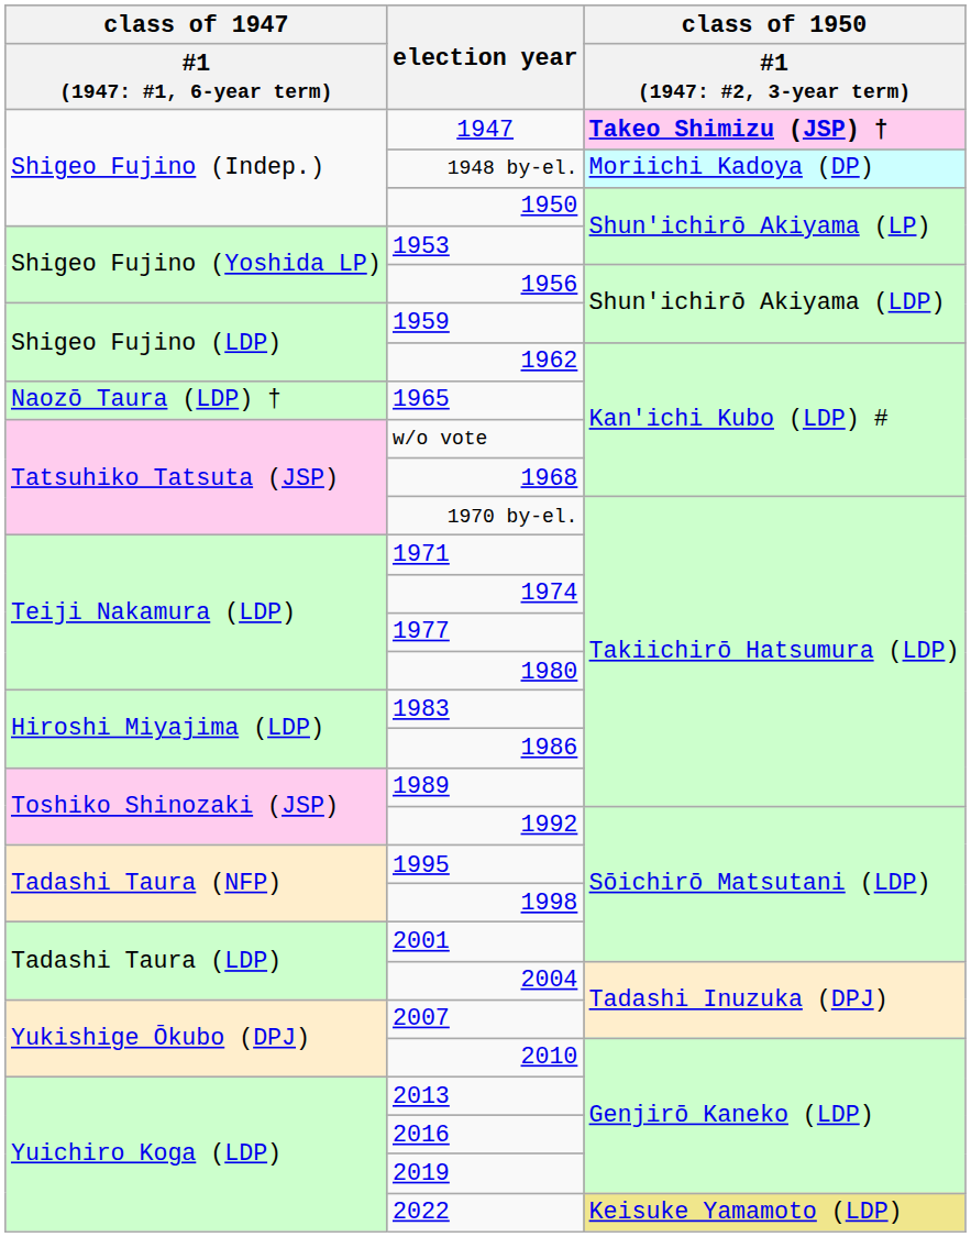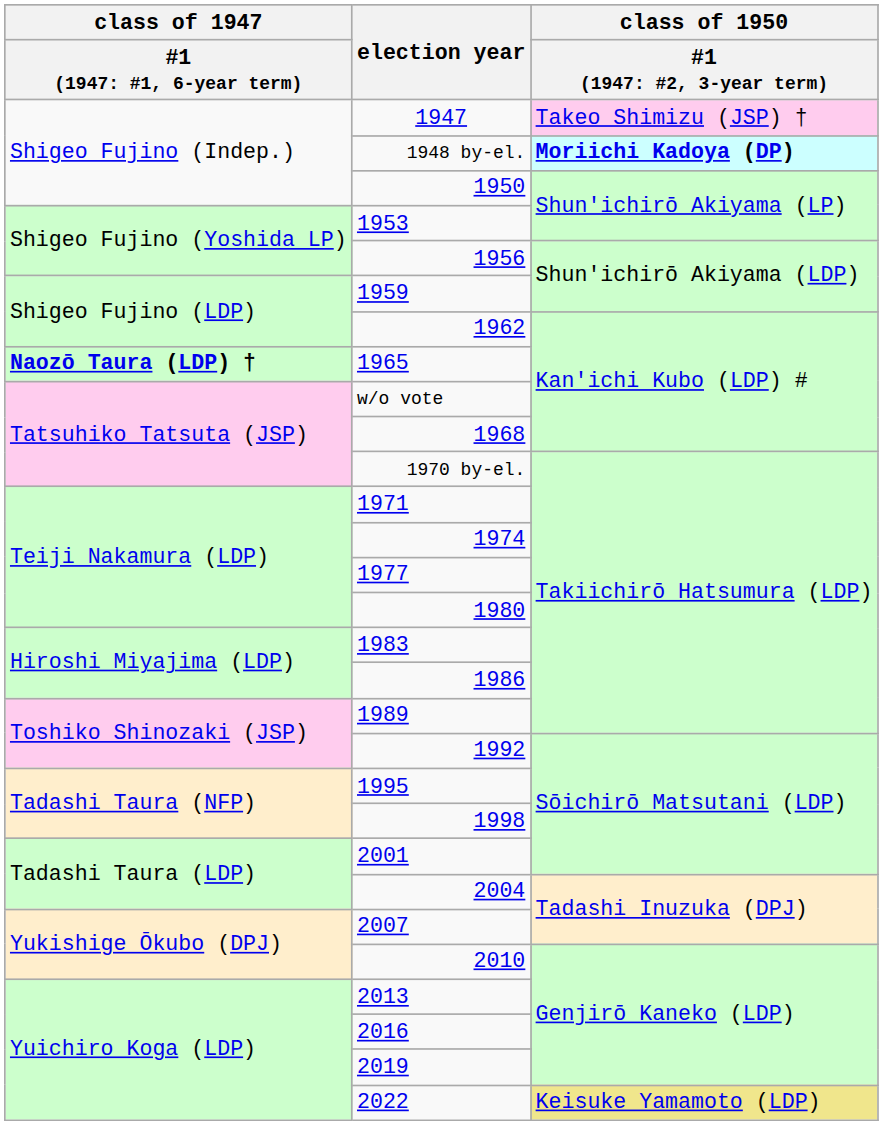 <table class="wikitable" border="1">
 <tr>
 <th>class of 1947</th>
 <th rowspan="2">election year</th>
 <th>class of 1950</th>
 </tr>
 <tr>
 <th>#1<br><small>(1947: #1, 6-year term)</small></th>
 <th>#1<br><small>(1947: #2, 3-year term)</small></th>
 </tr>
 <tr>
 <td rowspan="3"><a href='#'>Shigeo Fujino</a> (Indep.)</td>
 <td align="center"><a href='#'>1947</a></td>
-<td bgcolor="#FFCCEE"><strong><a href='#'>Takeo Shimizu</a> (<a href='#'>JSP</a>) †</strong></td>
+<td bgcolor="#FFCCEE"><a href='#'>Takeo Shimizu</a> (<a href='#'>JSP</a>) †</td>
 </tr>
 <tr>
 <td align="right"><small>1948 by-el.</small></td>
-<td bgcolor="#CCFFFF"><a href='#'>Moriichi Kadoya</a> (<a href='#'>DP</a>)</td>
+<td bgcolor="#CCFFFF"><strong><a href='#'>Moriichi Kadoya</a> (<a href='#'>DP</a>)</strong></td>
 </tr>
 <tr>
 <td align="right"><a href='#'>1950</a></td>
 <td rowspan="2" bgcolor="#CCFFCC"><a href='#'>Shun'ichirō Akiyama</a> (<a href='#'>LP</a>)</td>
 </tr>
 <tr>
 <td rowspan="2" bgcolor="#CCFFCC">Shigeo Fujino (<a href='#'>Yoshida LP</a>)</td>
 <td align="left"><a href='#'>1953</a></td>
 </tr>
 <tr>
 <td align="right"><a href='#'>1956</a></td>
 <td rowspan="2" bgcolor="#CCFFCC">Shun'ichirō Akiyama (<a href='#'>LDP</a>)</td>
 </tr>
 <tr>
 <td rowspan="2" bgcolor="#CCFFCC">Shigeo Fujino (<a href='#'>LDP</a>)</td>
 <td align="left"><a href='#'>1959</a></td>
 </tr>
 <tr>
 <td align="right"><a href='#'>1962</a></td>
 <td rowspan="4" bgcolor="#CCFFCC"><a href='#'>Kan'ichi Kubo</a> (<a href='#'>LDP</a>) #</td>
 </tr>
 <tr>
-<td bgcolor="#CCFFCC"><a href='#'>Naozō Taura</a> (<a href='#'>LDP</a>) †</td>
+<td bgcolor="#CCFFCC"><strong><a href='#'>Naozō Taura</a> (<a href='#'>LDP</a>) †</strong></td>
 <td align="left"><a href='#'>1965</a></td>
 </tr>
 <tr>
 <td rowspan="3" bgcolor="#FFCCEE"><a href='#'>Tatsuhiko Tatsuta</a> (<a href='#'>JSP</a>)</td>
 <td align="left"><small>w/o vote</small></td>
 </tr>
 <tr>
 <td align="right"><a href='#'>1968</a></td>
 </tr>
 <tr>
 <td align="right"><small>1970 by-el.</small></td>
 <td rowspan="8" bgcolor="#CCFFCC"><a href='#'>Takiichirō Hatsumura</a> (<a href='#'>LDP</a>)</td>
 </tr>
 <tr>
 <td rowspan="4" bgcolor="#CCFFCC"><a href='#'>Teiji Nakamura</a> (<a href='#'>LDP</a>)</td>
 <td align="left"><a href='#'>1971</a></td>
 </tr>
 <tr>
 <td align="right"><a href='#'>1974</a></td>
 </tr>
 <tr>
 <td align="left"><a href='#'>1977</a></td>
 </tr>
 <tr>
 <td align="right"><a href='#'>1980</a></td>
 </tr>
 <tr>
 <td rowspan="2" bgcolor="#CCFFCC"><a href='#'>Hiroshi Miyajima</a> (<a href='#'>LDP</a>)</td>
 <td align="left"><a href='#'>1983</a></td>
 </tr>
 <tr>
 <td align="right"><a href='#'>1986</a></td>
 </tr>
 <tr>
 <td rowspan="2" bgcolor="#FFCCEE"><a href='#'>Toshiko Shinozaki</a> (<a href='#'>JSP</a>)</td>
 <td align="left"><a href='#'>1989</a></td>
 </tr>
 <tr>
 <td align="right"><a href='#'>1992</a></td>
 <td rowspan="4"  bgcolor="#CCFFCC"><a href='#'>Sōichirō Matsutani</a> (<a href='#'>LDP</a>)</td>
 </tr>
 <tr>
 <td rowspan="2" bgcolor="#FFEECC"><a href='#'>Tadashi Taura</a> (<a href='#'>NFP</a>)</td>
 <td align="left"><a href='#'>1995</a></td>
 </tr>
 <tr>
 <td align="right"><a href='#'>1998</a></td>
 </tr>
 <tr>
 <td rowspan="2"  bgcolor="#CCFFCC">Tadashi Taura (<a href='#'>LDP</a>)</td>
 <td align="left"><a href='#'>2001</a></td>
 </tr>
 <tr>
 <td align="right"><a href='#'>2004</a></td>
 <td rowspan="2" bgcolor="#FFEECC"><a href='#'>Tadashi Inuzuka</a> (<a href='#'>DPJ</a>)</td>
 </tr>
 <tr>
 <td rowspan="2" bgcolor="#FFEECC"><a href='#'>Yukishige Ōkubo</a> (<a href='#'>DPJ</a>)</td>
 <td align="left"><a href='#'>2007</a></td>
 </tr>
 <tr>
 <td align="right"><a href='#'>2010</a></td>
 <td rowspan="4" bgcolor="#CCFFCC"><a href='#'>Genjirō Kaneko</a> (<a href='#'>LDP</a>)</td>
 </tr>
 <tr>
 <td rowspan="4" bgcolor="#CCFFCC"><a href='#'>Yuichiro Koga</a> (<a href='#'>LDP</a>)</td>
 <td align="left"><a href='#'>2013</a></td>
 </tr>
 <tr>
 <td><a href='#'>2016</a></td>
 </tr>
 <tr>
 <td><a href='#'>2019</a></td>
 </tr>
 <tr>
 <td><a href='#'>2022</a></td>
 <td style="background: khaki;"><a href='#'>Keisuke Yamamoto</a> (<a href='#'>LDP</a>)</td>
 </tr>
 </table>
